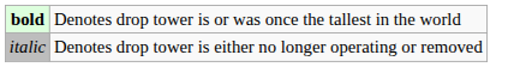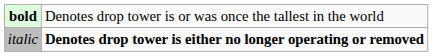 <table class="wikitable">
 <tr>
 <td align="center" style="background-color:#dfd"><strong>bold</strong></td>
 <td>Denotes drop tower is or was once the tallest in the world</td>
 </tr>
 <tr>
 <td align="center" style="background-color:#BDBDBD"><em>italic</em></td>
-<td>Denotes drop tower is either no longer operating or removed</td>
+<td><strong>Denotes drop tower is either no longer operating or removed</strong></td>
 </tr>
 </table>
